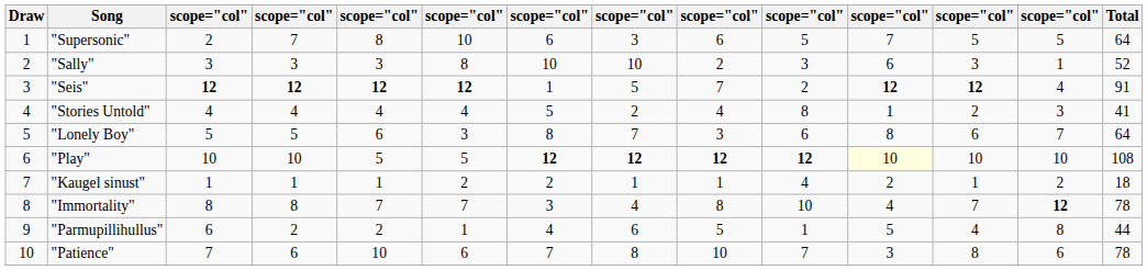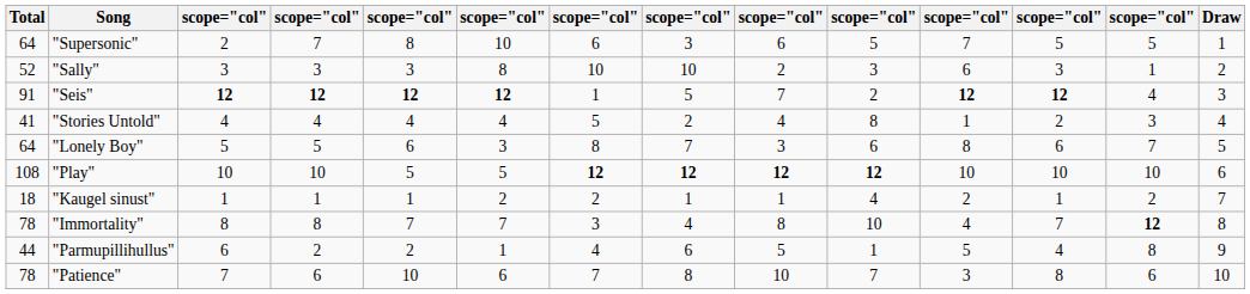 <table class="wikitable collapsible" style="margin: 1em auto 1em auto; text-align:center;">
 <tr>
-<th>Draw</th>
+<th>Total</th>
 <th>Song</th>
 <th>scope="col" </th>
 <th>scope="col" </th>
 <th>scope="col" </th>
 <th>scope="col" </th>
 <th>scope="col" </th>
 <th>scope="col" </th>
 <th>scope="col" </th>
 <th>scope="col" </th>
 <th>scope="col" </th>
 <th>scope="col" </th>
 <th>scope="col" </th>
-<th>Total</th>
+<th>Draw</th>
 </tr>
 <tr>
-<td>1</td>
+<td>64</td>
 <td align="left">"Supersonic"</td>
 <td>2</td>
 <td>7</td>
 <td>8</td>
 <td>10</td>
 <td>6</td>
 <td>3</td>
 <td>6</td>
 <td>5</td>
 <td>7</td>
 <td>5</td>
 <td>5</td>
-<td>64</td>
+<td>1</td>
 </tr>
 <tr>
-<td>2</td>
+<td>52</td>
 <td align="left">"Sally"</td>
 <td>3</td>
 <td>3</td>
 <td>3</td>
 <td>8</td>
 <td>10</td>
 <td>10</td>
 <td>2</td>
 <td>3</td>
 <td>6</td>
 <td>3</td>
 <td>1</td>
-<td>52</td>
+<td>2</td>
 </tr>
 <tr>
-<td>3</td>
+<td>91</td>
 <td align="left">"Seis"</td>
 <td><strong>12</strong></td>
 <td><strong>12</strong></td>
 <td><strong>12</strong></td>
 <td><strong>12</strong></td>
 <td>1</td>
 <td>5</td>
 <td>7</td>
 <td>2</td>
 <td><strong>12</strong></td>
 <td><strong>12</strong></td>
 <td>4</td>
-<td>91</td>
+<td>3</td>
 </tr>
 <tr>
-<td>4</td>
+<td>41</td>
 <td align="left">"Stories Untold"</td>
 <td>4</td>
 <td>4</td>
 <td>4</td>
 <td>4</td>
 <td>5</td>
 <td>2</td>
 <td>4</td>
 <td>8</td>
 <td>1</td>
 <td>2</td>
 <td>3</td>
-<td>41</td>
+<td>4</td>
 </tr>
 <tr>
-<td>5</td>
+<td>64</td>
 <td align="left">"Lonely Boy"</td>
 <td>5</td>
 <td>5</td>
 <td>6</td>
 <td>3</td>
 <td>8</td>
 <td>7</td>
 <td>3</td>
 <td>6</td>
 <td>8</td>
 <td>6</td>
 <td>7</td>
-<td>64</td>
+<td>5</td>
 </tr>
 <tr>
-<td>6</td>
+<td>108</td>
 <td align="left">"Play"</td>
 <td>10</td>
 <td>10</td>
 <td>5</td>
 <td>5</td>
 <td><strong>12</strong></td>
 <td><strong>12</strong></td>
 <td><strong>12</strong></td>
 <td><strong>12</strong></td>
-<td style="background: lightyellow;">10</td>
 <td>10</td>
 <td>10</td>
-<td>108</td>
+<td>10</td>
+<td>6</td>
 </tr>
 <tr>
-<td>7</td>
+<td>18</td>
 <td align="left">"Kaugel sinust"</td>
 <td>1</td>
 <td>1</td>
 <td>1</td>
 <td>2</td>
 <td>2</td>
 <td>1</td>
 <td>1</td>
 <td>4</td>
 <td>2</td>
 <td>1</td>
 <td>2</td>
-<td>18</td>
+<td>7</td>
 </tr>
 <tr>
-<td>8</td>
+<td>78</td>
 <td align="left">"Immortality"</td>
 <td>8</td>
 <td>8</td>
 <td>7</td>
 <td>7</td>
 <td>3</td>
 <td>4</td>
 <td>8</td>
 <td>10</td>
 <td>4</td>
 <td>7</td>
 <td><strong>12</strong></td>
-<td>78</td>
+<td>8</td>
 </tr>
 <tr>
-<td>9</td>
+<td>44</td>
 <td align="left">"Parmupillihullus"</td>
 <td>6</td>
 <td>2</td>
 <td>2</td>
 <td>1</td>
 <td>4</td>
 <td>6</td>
 <td>5</td>
 <td>1</td>
 <td>5</td>
 <td>4</td>
 <td>8</td>
-<td>44</td>
+<td>9</td>
 </tr>
 <tr>
-<td>10</td>
+<td>78</td>
 <td align="left">"Patience"</td>
 <td>7</td>
 <td>6</td>
 <td>10</td>
 <td>6</td>
 <td>7</td>
 <td>8</td>
 <td>10</td>
 <td>7</td>
 <td>3</td>
 <td>8</td>
 <td>6</td>
-<td>78</td>
+<td>10</td>
 </tr>
 </table>
